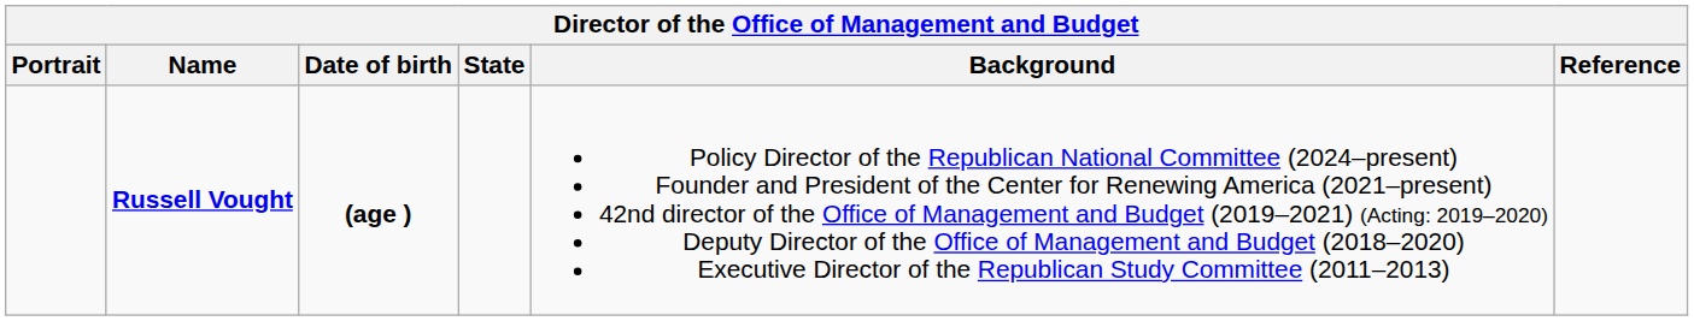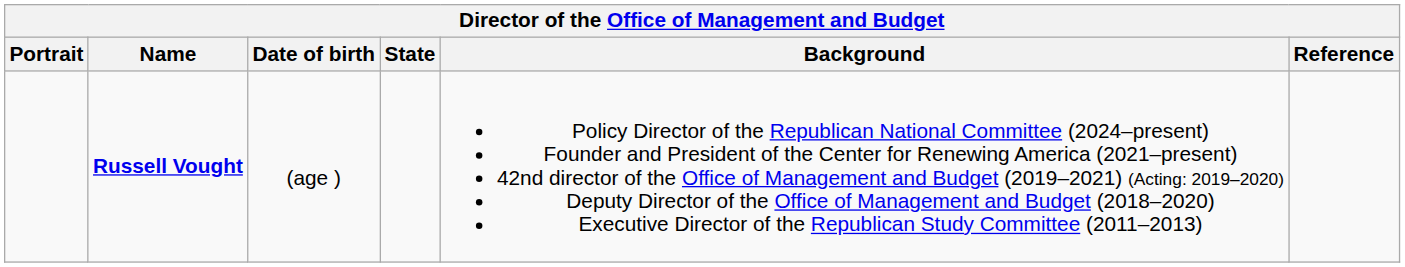 <table class="wikitable collapsible" style="text-align:center;">
 <tr>
 <th colspan="6">Director of the <a href='#'>Office of Management and Budget</a></th>
 </tr>
 <tr>
 <th>Portrait</th>
 <th>Name</th>
 <th>Date of birth</th>
 <th>State</th>
 <th>Background</th>
 <th>Reference</th>
 </tr>
 <tr>
 <td></td>
 <td><strong><a href='#'>Russell Vought</a></strong></td>
-<td><strong><br>(age )</strong></td>
+<td><br>(age )</td>
 <td></td>
 <td><br><ul><li>Policy Director of the <a href='#'>Republican National Committee</a> (2024–present)</li><li>Founder and President of the Center for Renewing America (2021–present)</li><li>42nd director of the <a href='#'>Office of Management and Budget</a> (2019–2021) <small>(Acting: 2019–2020)</small></li><li>Deputy Director of the <a href='#'>Office of Management and Budget</a> (2018–2020)</li><li>Executive Director of the <a href='#'>Republican Study Committee</a> (2011–2013)</li></ul></td>
 <td></td>
 </tr>
 </table>
